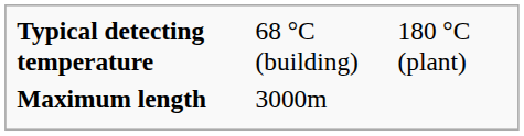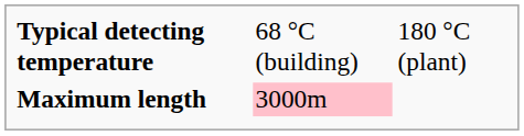 <table class="infobox" style="width: 20em; font-size: 90%; text-align: left">
 <tr>
 <th>Typical detecting temperature</th>
 <td>68 °C (building)</td>
 <td>180 °C (plant)</td>
 </tr>
 <tr>
 <th>Maximum length</th>
-<td>3000m</td>
+<td style="background: pink;">3000m</td>
 </tr>
 <tr>
 </tr>
 </table>
